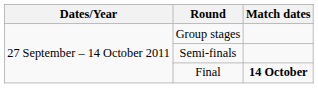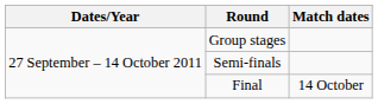 <table class="wikitable" style="text-align:center">
 <tr>
 <th>Dates/Year</th>
 <th>Round</th>
 <th>Match dates</th>
 </tr>
 <tr>
 <td rowspan=3>27 September – 14 October 2011</td>
 <td>Group stages</td>
 <td></td>
 </tr>
 <tr>
 <td>Semi-finals</td>
 <td></td>
 </tr>
 <tr>
 <td>Final</td>
-<td><strong>14 October</strong></td>
+<td>14 October</td>
 </tr>
 </table>
